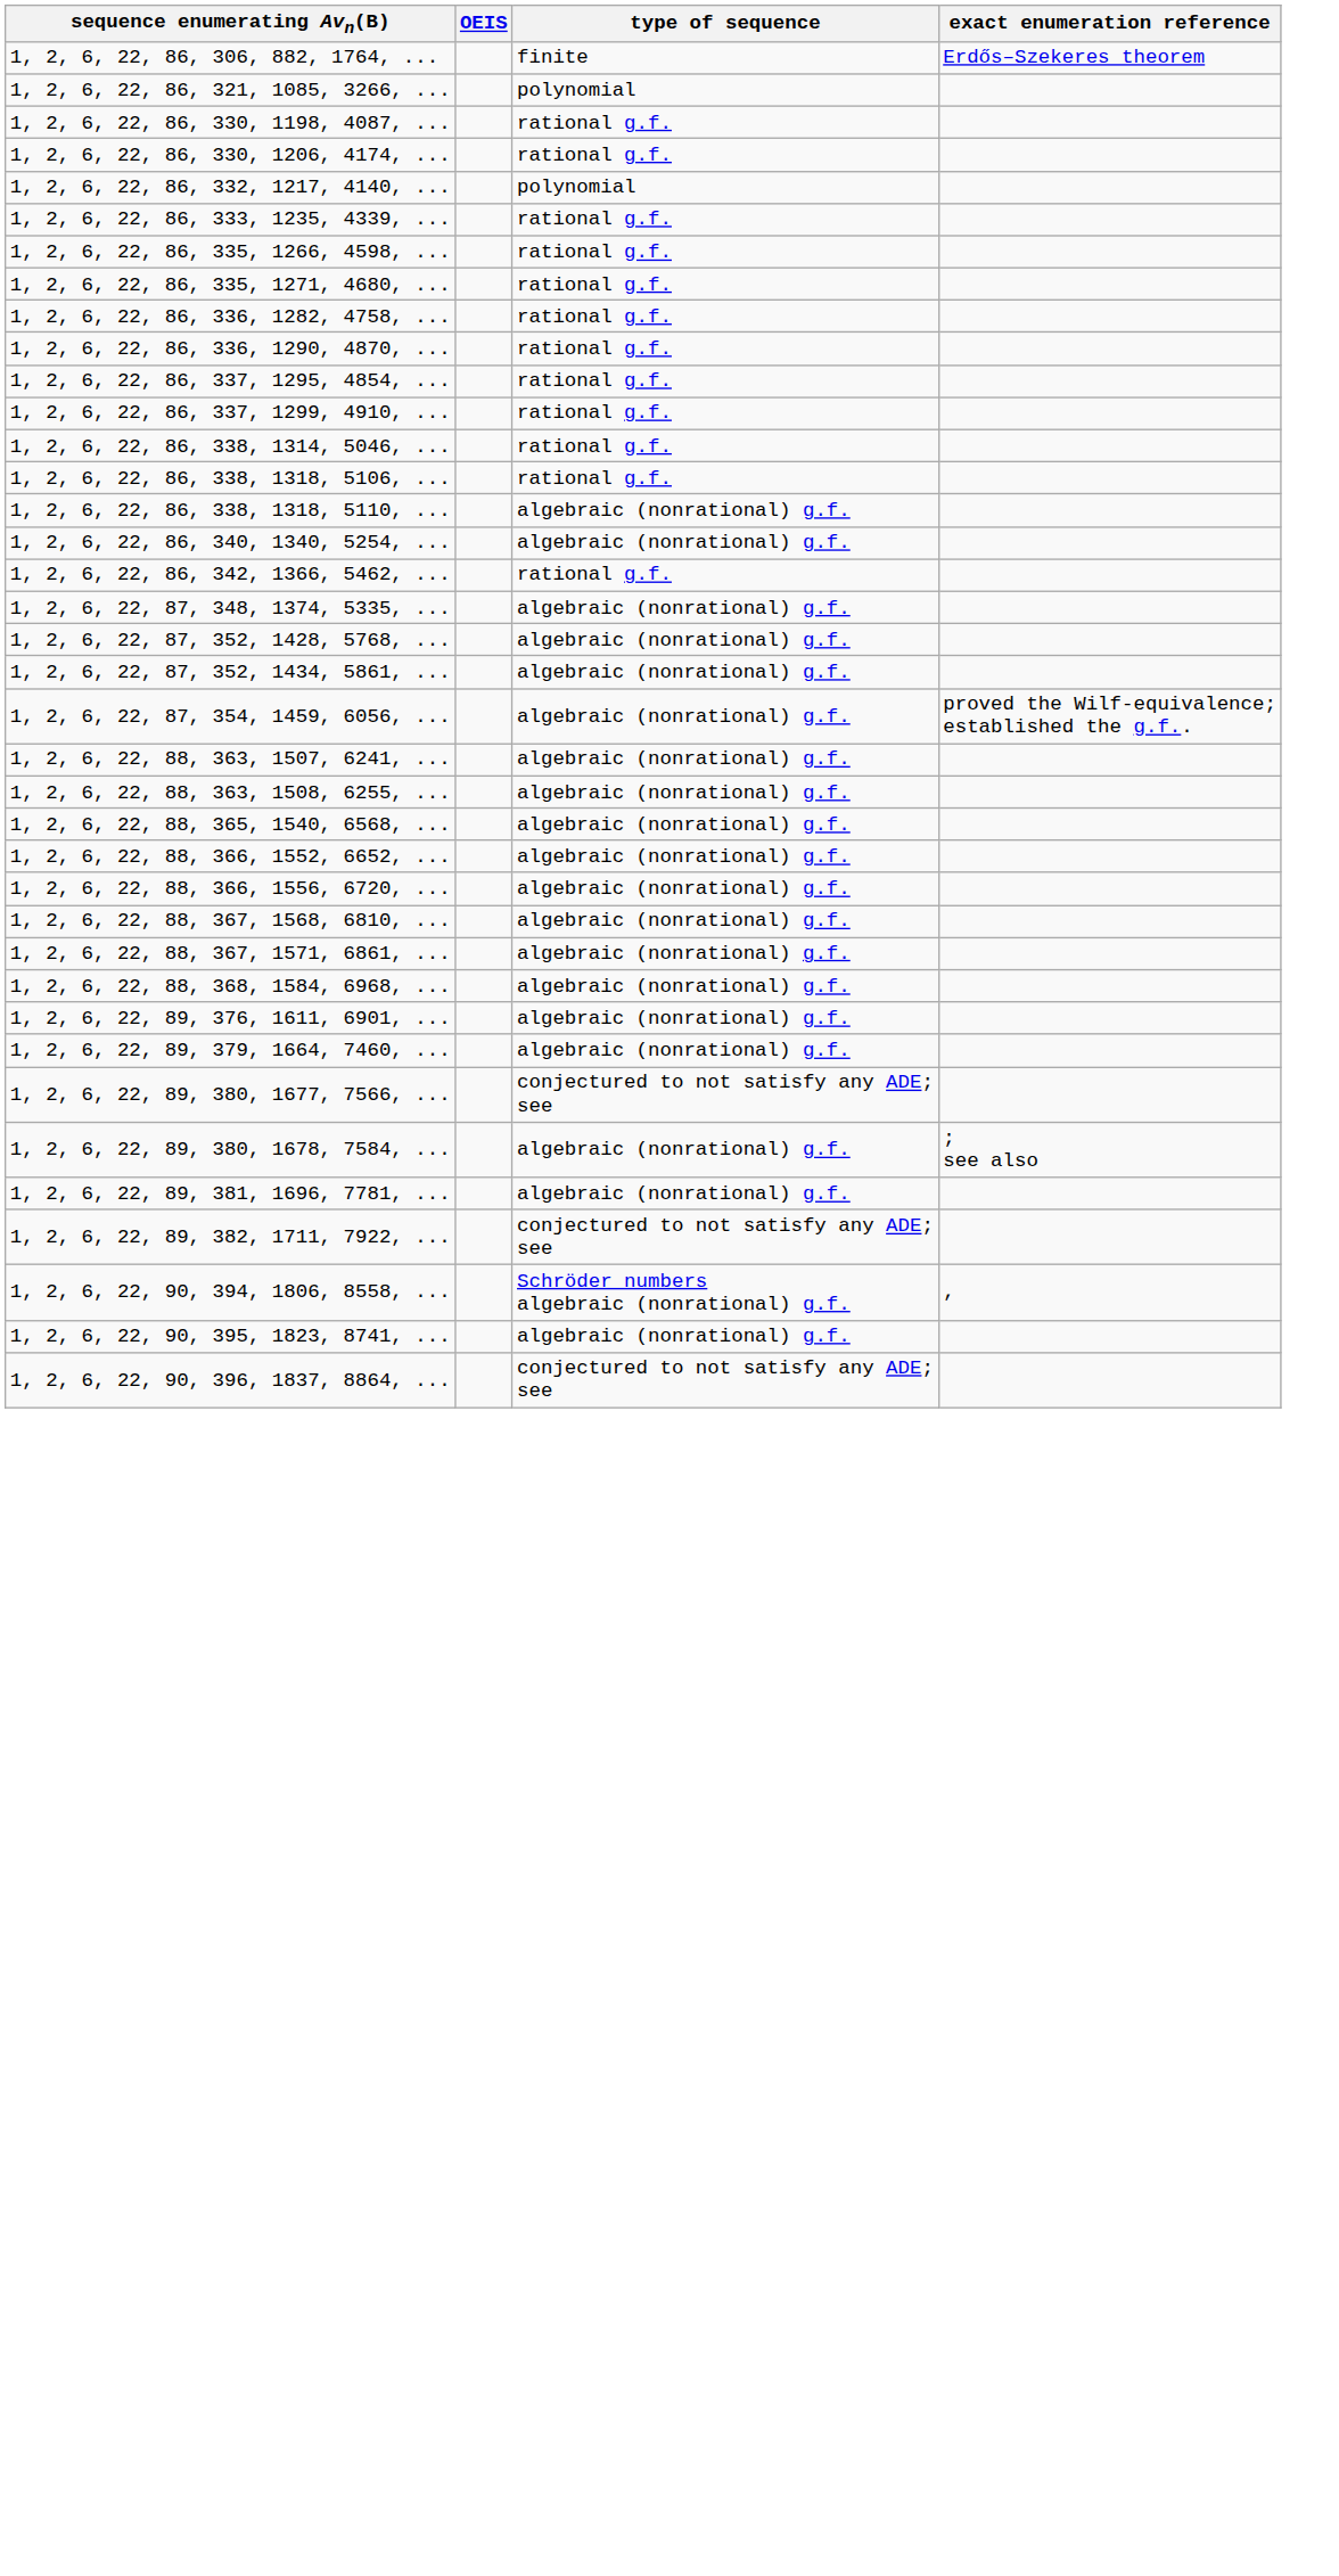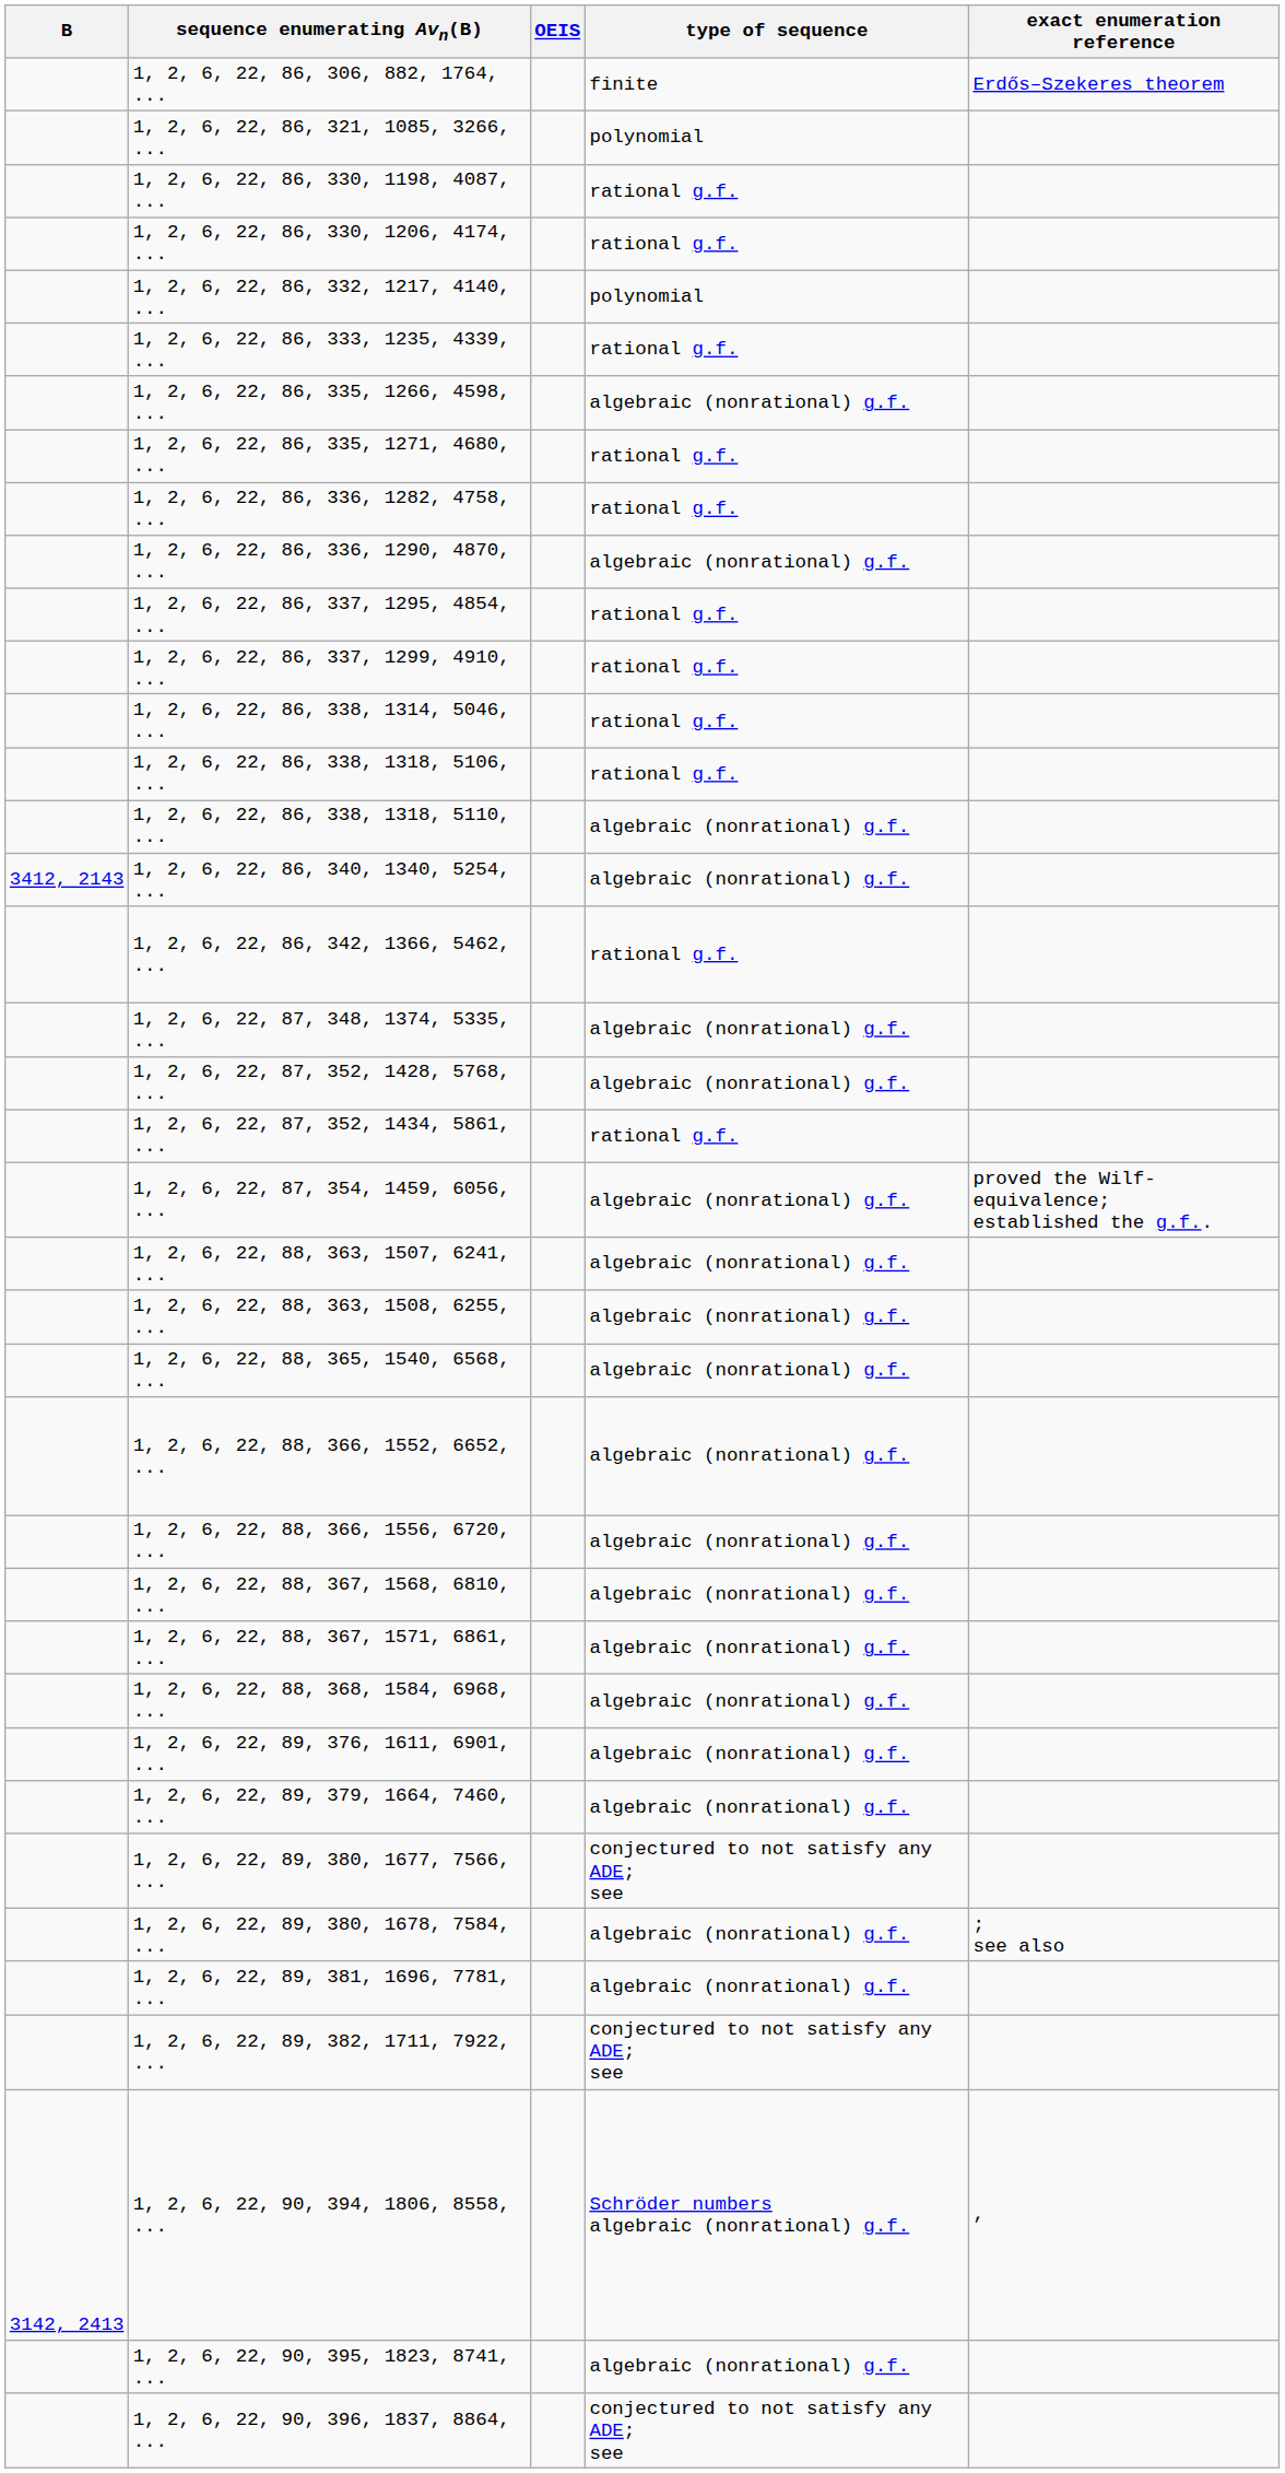 <table class="wikitable" style="text-align:left;" border="1" cell-padding="2">
 <tr>
+<th>B</th>
 <th>sequence enumerating <em>Av<sub>n</sub></em>(B)</th>
 <th><a href='#'>OEIS</a></th>
 <th>type of sequence</th>
 <th>exact enumeration reference</th>
 </tr>
 <tr>
+<td></td>
 <td>1, 2, 6, 22, 86, 306, 882, 1764, ...</td>
 <td></td>
 <td>finite</td>
 <td><a href='#'>Erdős–Szekeres theorem</a></td>
 </tr>
 <tr>
+<td></td>
 <td>1, 2, 6, 22, 86, 321, 1085, 3266, ...</td>
 <td></td>
 <td>polynomial</td>
 <td></td>
 </tr>
 <tr>
+<td></td>
 <td>1, 2, 6, 22, 86, 330, 1198, 4087, ...</td>
 <td></td>
 <td>rational <a href='#'>g.f.</a></td>
 <td></td>
 </tr>
 <tr>
+<td></td>
 <td>1, 2, 6, 22, 86, 330, 1206, 4174, ...</td>
 <td></td>
 <td>rational <a href='#'>g.f.</a></td>
 <td></td>
 </tr>
 <tr>
+<td></td>
 <td>1, 2, 6, 22, 86, 332, 1217, 4140, ...</td>
 <td></td>
 <td>polynomial</td>
 <td></td>
 </tr>
 <tr>
+<td></td>
 <td>1, 2, 6, 22, 86, 333, 1235, 4339, ...</td>
 <td></td>
 <td>rational <a href='#'>g.f.</a></td>
 <td></td>
 </tr>
 <tr>
+<td></td>
 <td>1, 2, 6, 22, 86, 335, 1266, 4598, ...</td>
 <td></td>
-<td>rational <a href='#'>g.f.</a></td>
+<td>algebraic (nonrational) <a href='#'>g.f.</a></td>
 <td></td>
 </tr>
 <tr>
+<td></td>
 <td>1, 2, 6, 22, 86, 335, 1271, 4680, ...</td>
 <td></td>
 <td>rational <a href='#'>g.f.</a></td>
 <td></td>
 </tr>
 <tr>
+<td></td>
 <td>1, 2, 6, 22, 86, 336, 1282, 4758, ...</td>
 <td></td>
 <td>rational <a href='#'>g.f.</a></td>
 <td></td>
 </tr>
 <tr>
+<td></td>
 <td>1, 2, 6, 22, 86, 336, 1290, 4870, ...</td>
 <td></td>
-<td>rational <a href='#'>g.f.</a></td>
+<td>algebraic (nonrational) <a href='#'>g.f.</a></td>
 <td></td>
 </tr>
 <tr>
+<td></td>
 <td>1, 2, 6, 22, 86, 337, 1295, 4854, ...</td>
 <td></td>
 <td>rational <a href='#'>g.f.</a></td>
 <td></td>
 </tr>
 <tr>
+<td></td>
 <td>1, 2, 6, 22, 86, 337, 1299, 4910, ...</td>
 <td></td>
 <td>rational <a href='#'>g.f.</a></td>
 <td></td>
 </tr>
 <tr>
+<td></td>
 <td>1, 2, 6, 22, 86, 338, 1314, 5046, ...</td>
 <td></td>
 <td>rational <a href='#'>g.f.</a></td>
 <td></td>
 </tr>
 <tr>
+<td></td>
 <td>1, 2, 6, 22, 86, 338, 1318, 5106, ...</td>
 <td></td>
 <td>rational <a href='#'>g.f.</a></td>
 <td></td>
 </tr>
 <tr>
+<td></td>
 <td>1, 2, 6, 22, 86, 338, 1318, 5110, ...</td>
 <td></td>
 <td>algebraic (nonrational) <a href='#'>g.f.</a></td>
 <td></td>
 </tr>
 <tr>
+<td><a href='#'>3412, 2143</a></td>
 <td>1, 2, 6, 22, 86, 340, 1340, 5254, ...</td>
 <td></td>
 <td>algebraic (nonrational) <a href='#'>g.f.</a></td>
 <td></td>
 </tr>
 <tr>
+<td><br><br> <br> <br> </td>
 <td>1, 2, 6, 22, 86, 342, 1366, 5462, ...</td>
 <td></td>
 <td>rational <a href='#'>g.f.</a></td>
 <td></td>
 </tr>
 <tr>
+<td></td>
 <td>1, 2, 6, 22, 87, 348, 1374, 5335, ...</td>
 <td></td>
 <td>algebraic (nonrational) <a href='#'>g.f.</a></td>
 <td></td>
 </tr>
 <tr>
+<td></td>
 <td>1, 2, 6, 22, 87, 352, 1428, 5768, ...</td>
 <td></td>
 <td>algebraic (nonrational) <a href='#'>g.f.</a></td>
 <td></td>
 </tr>
 <tr>
+<td></td>
 <td>1, 2, 6, 22, 87, 352, 1434, 5861, ...</td>
 <td></td>
-<td>algebraic (nonrational) <a href='#'>g.f.</a></td>
+<td>rational <a href='#'>g.f.</a></td>
 <td></td>
 </tr>
 <tr>
+<td><br><br> </td>
 <td>1, 2, 6, 22, 87, 354, 1459, 6056, ...</td>
 <td></td>
 <td>algebraic (nonrational) <a href='#'>g.f.</a></td>
 <td> proved the Wilf-equivalence;<br> established the <a href='#'>g.f.</a>.</td>
 </tr>
 <tr>
+<td></td>
 <td>1, 2, 6, 22, 88, 363, 1507, 6241, ...</td>
 <td></td>
 <td>algebraic (nonrational) <a href='#'>g.f.</a></td>
 <td></td>
 </tr>
 <tr>
+<td></td>
 <td>1, 2, 6, 22, 88, 363, 1508, 6255, ...</td>
 <td></td>
 <td>algebraic (nonrational) <a href='#'>g.f.</a></td>
 <td></td>
 </tr>
 <tr>
+<td></td>
 <td>1, 2, 6, 22, 88, 365, 1540, 6568, ...</td>
 <td></td>
 <td>algebraic (nonrational) <a href='#'>g.f.</a></td>
 <td></td>
 </tr>
 <tr>
+<td><br><br> <br> <br> <br> </td>
 <td>1, 2, 6, 22, 88, 366, 1552, 6652, ...</td>
 <td></td>
 <td>algebraic (nonrational) <a href='#'>g.f.</a></td>
 <td></td>
 </tr>
 <tr>
+<td></td>
 <td>1, 2, 6, 22, 88, 366, 1556, 6720, ...</td>
 <td></td>
 <td>algebraic (nonrational) <a href='#'>g.f.</a></td>
 <td></td>
 </tr>
 <tr>
+<td></td>
 <td>1, 2, 6, 22, 88, 367, 1568, 6810, ...</td>
 <td></td>
 <td>algebraic (nonrational) <a href='#'>g.f.</a></td>
 <td></td>
 </tr>
 <tr>
+<td></td>
 <td>1, 2, 6, 22, 88, 367, 1571, 6861, ...</td>
 <td></td>
 <td>algebraic (nonrational) <a href='#'>g.f.</a></td>
 <td></td>
 </tr>
 <tr>
+<td><br><br> </td>
 <td>1, 2, 6, 22, 88, 368, 1584, 6968, ...</td>
 <td></td>
 <td>algebraic (nonrational) <a href='#'>g.f.</a></td>
 <td></td>
 </tr>
 <tr>
+<td></td>
 <td>1, 2, 6, 22, 89, 376, 1611, 6901, ...</td>
 <td></td>
 <td>algebraic (nonrational) <a href='#'>g.f.</a></td>
 <td></td>
 </tr>
 <tr>
+<td></td>
 <td>1, 2, 6, 22, 89, 379, 1664, 7460, ...</td>
 <td></td>
 <td>algebraic (nonrational) <a href='#'>g.f.</a></td>
 <td></td>
 </tr>
 <tr>
+<td></td>
 <td>1, 2, 6, 22, 89, 380, 1677, 7566, ...</td>
 <td></td>
 <td>conjectured to not satisfy any <a href='#'>ADE</a>;<br>see </td>
 <td></td>
 </tr>
 <tr>
+<td></td>
 <td>1, 2, 6, 22, 89, 380, 1678, 7584, ...</td>
 <td></td>
 <td>algebraic (nonrational) <a href='#'>g.f.</a></td>
 <td>;<br>see also </td>
 </tr>
 <tr>
+<td></td>
 <td>1, 2, 6, 22, 89, 381, 1696, 7781, ...</td>
 <td></td>
 <td>algebraic (nonrational) <a href='#'>g.f.</a></td>
 <td></td>
 </tr>
 <tr>
+<td></td>
 <td>1, 2, 6, 22, 89, 382, 1711, 7922, ...</td>
 <td></td>
 <td>conjectured to not satisfy any <a href='#'>ADE</a>;<br>see </td>
 <td></td>
 </tr>
 <tr>
+<td><br><br> <br> <br> <br> <br> <br> <br> <br> <br> <a href='#'>3142, 2413</a></td>
 <td>1, 2, 6, 22, 90, 394, 1806, 8558, ...</td>
 <td></td>
 <td><a href='#'>Schröder numbers</a><br>algebraic (nonrational) <a href='#'>g.f.</a></td>
 <td>, </td>
 </tr>
 <tr>
+<td></td>
 <td>1, 2, 6, 22, 90, 395, 1823, 8741, ...</td>
 <td></td>
 <td>algebraic (nonrational) <a href='#'>g.f.</a></td>
 <td></td>
 </tr>
 <tr>
+<td></td>
 <td>1, 2, 6, 22, 90, 396, 1837, 8864, ...</td>
 <td></td>
 <td>conjectured to not satisfy any <a href='#'>ADE</a>;<br>see </td>
 <td></td>
 </tr>
 </table>
